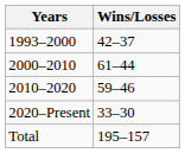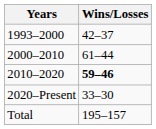 <table class="wikitable">
 <tr>
 <th>Years</th>
 <th>Wins/Losses</th>
 </tr>
 <tr>
 <td>1993–2000</td>
 <td>42–37</td>
 </tr>
 <tr>
 <td>2000–2010</td>
 <td>61–44</td>
 </tr>
 <tr>
 <td>2010–2020</td>
-<td>59–46</td>
+<td><strong>59–46</strong></td>
 </tr>
 <tr>
 <td>2020–Present</td>
 <td>33–30</td>
 </tr>
 <tr>
 <td>Total</td>
 <td>195–157</td>
 </tr>
 </table>
